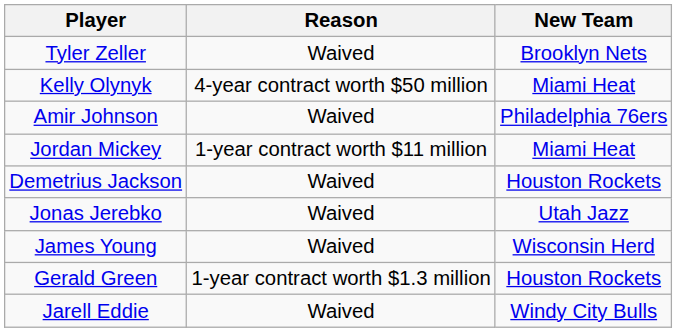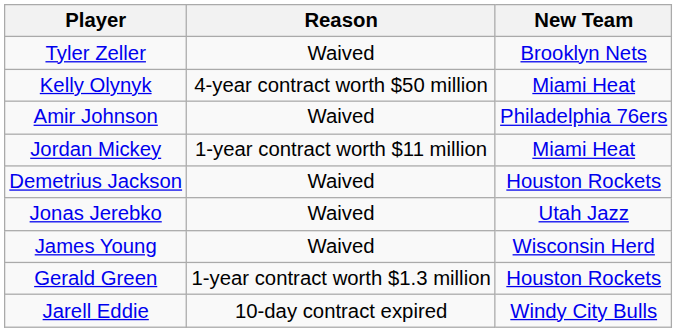 <table class="wikitable sortable sortable">
 <tr>
 <th>Player</th>
 <th>Reason</th>
 <th>New Team</th>
 </tr>
 <tr style="text-align: center">
 <td><a href='#'>Tyler Zeller</a></td>
 <td>Waived</td>
 <td><a href='#'>Brooklyn Nets</a></td>
 </tr>
 <tr style="text-align: center">
 <td><a href='#'>Kelly Olynyk</a></td>
 <td>4-year contract worth $50 million</td>
 <td><a href='#'>Miami Heat</a></td>
 </tr>
 <tr style="text-align: center">
 <td><a href='#'>Amir Johnson</a></td>
 <td>Waived</td>
 <td><a href='#'>Philadelphia 76ers</a></td>
 </tr>
 <tr style="text-align: center">
 <td><a href='#'>Jordan Mickey</a></td>
 <td>1-year contract worth $11 million</td>
 <td><a href='#'>Miami Heat</a></td>
 </tr>
 <tr style="text-align: center">
 <td><a href='#'>Demetrius Jackson</a></td>
 <td>Waived</td>
 <td><a href='#'>Houston Rockets</a></td>
 </tr>
 <tr style="text-align: center">
 <td><a href='#'>Jonas Jerebko</a></td>
 <td>Waived</td>
 <td><a href='#'>Utah Jazz</a></td>
 </tr>
 <tr style="text-align: center">
 <td><a href='#'>James Young</a></td>
 <td>Waived</td>
 <td><a href='#'>Wisconsin Herd</a></td>
 </tr>
 <tr style="text-align: center">
 <td><a href='#'>Gerald Green</a></td>
 <td>1-year contract worth $1.3 million</td>
 <td><a href='#'>Houston Rockets</a></td>
 </tr>
 <tr style="text-align: center">
 <td><a href='#'>Jarell Eddie</a></td>
-<td>Waived</td>
+<td>10-day contract expired</td>
 <td><a href='#'>Windy City Bulls</a></td>
 </tr>
 </table>
